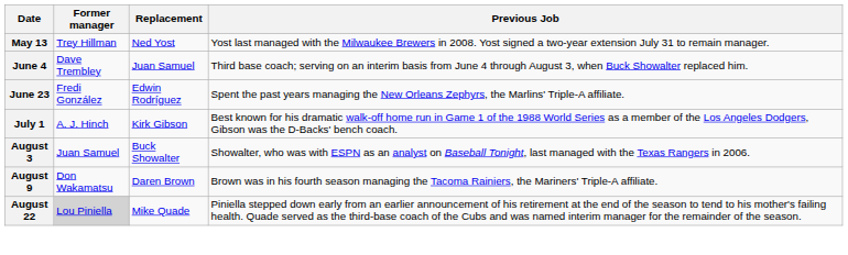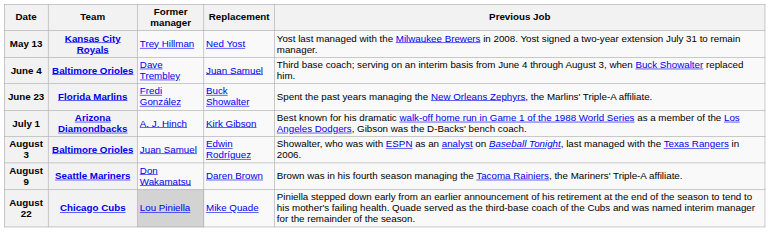 <table class="wikitable" style="font-size=:95%;">
 <tr>
 <th>Date</th>
+<th>Team</th>
 <th>Former manager</th>
 <th>Replacement</th>
 <th>Previous Job</th>
 </tr>
 <tr>
 <th>May 13</th>
+<th><a href='#'>Kansas City Royals</a></th>
 <td><a href='#'>Trey Hillman</a></td>
 <td><a href='#'>Ned Yost</a></td>
 <td>Yost last managed with the <a href='#'>Milwaukee Brewers</a> in 2008. Yost signed a two-year extension July 31 to remain manager.</td>
 </tr>
 <tr>
 <th>June 4</th>
+<th><a href='#'>Baltimore Orioles</a></th>
 <td><a href='#'>Dave Trembley</a></td>
 <td><a href='#'>Juan Samuel</a></td>
 <td>Third base coach; serving on an interim basis from June 4 through August 3, when <a href='#'>Buck Showalter</a> replaced him.</td>
 </tr>
 <tr>
 <th>June 23</th>
+<th><a href='#'>Florida Marlins</a></th>
 <td><a href='#'>Fredi González</a></td>
-<td><a href='#'>Edwin Rodríguez</a></td>
+<td><a href='#'>Buck Showalter</a></td>
 <td>Spent the past  years managing the <a href='#'>New Orleans Zephyrs</a>, the Marlins' Triple-A affiliate.</td>
 </tr>
 <tr>
 <th>July 1</th>
+<th><a href='#'>Arizona Diamondbacks</a></th>
 <td><a href='#'>A. J. Hinch</a></td>
 <td><a href='#'>Kirk Gibson</a></td>
 <td>Best known for his dramatic <a href='#'>walk-off home run in Game 1 of the 1988 World Series</a> as a member of the <a href='#'>Los Angeles Dodgers</a>, Gibson was the D-Backs' bench coach.</td>
 </tr>
 <tr>
 <th>August 3</th>
+<th><a href='#'>Baltimore Orioles</a></th>
 <td><a href='#'>Juan Samuel</a></td>
-<td><a href='#'>Buck Showalter</a></td>
+<td><a href='#'>Edwin Rodríguez</a></td>
 <td>Showalter, who was with <a href='#'>ESPN</a> as an <a href='#'>analyst</a> on <em><a href='#'>Baseball Tonight</a></em>, last managed with the <a href='#'>Texas Rangers</a> in 2006.</td>
 </tr>
 <tr>
 <th>August 9</th>
+<th><a href='#'>Seattle Mariners</a></th>
 <td><a href='#'>Don Wakamatsu</a></td>
 <td><a href='#'>Daren Brown</a></td>
 <td>Brown was in his fourth season managing the <a href='#'>Tacoma Rainiers</a>, the Mariners' Triple-A affiliate.</td>
 </tr>
 <tr>
 <th>August 22</th>
+<th><a href='#'>Chicago Cubs</a></th>
 <td style="background: lightgrey;"><a href='#'>Lou Piniella</a></td>
 <td><a href='#'>Mike Quade</a></td>
 <td>Piniella stepped down early from an earlier announcement of his retirement at the end of the season to tend to his mother's failing health. Quade served as the third-base coach of the Cubs and was named interim manager for the remainder of the season.</td>
 </tr>
 </table>
